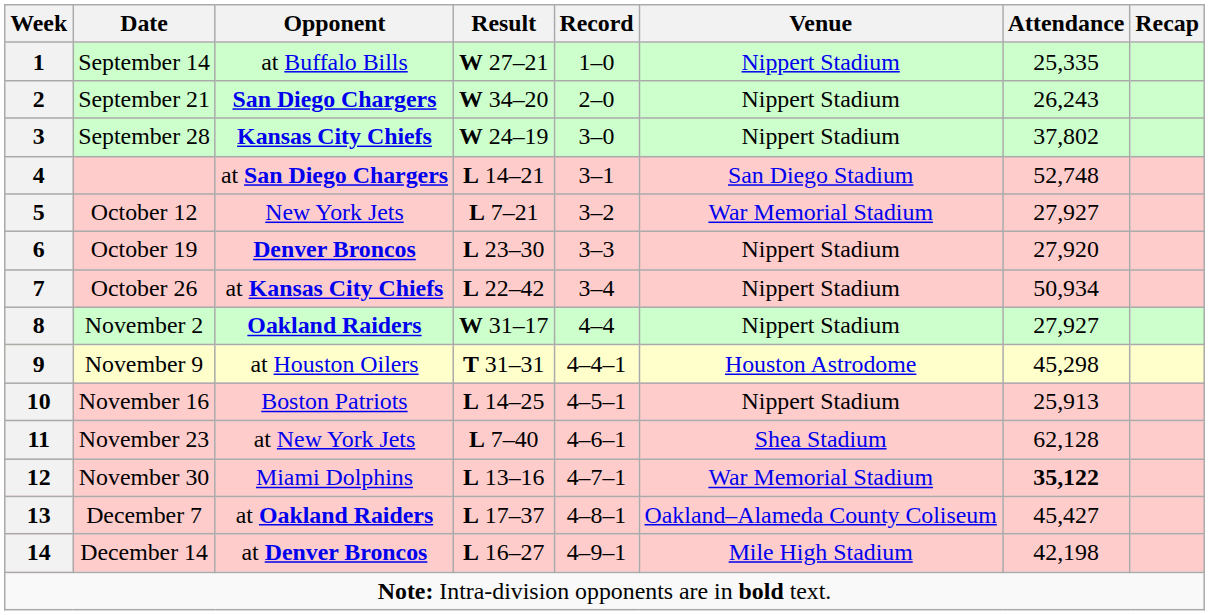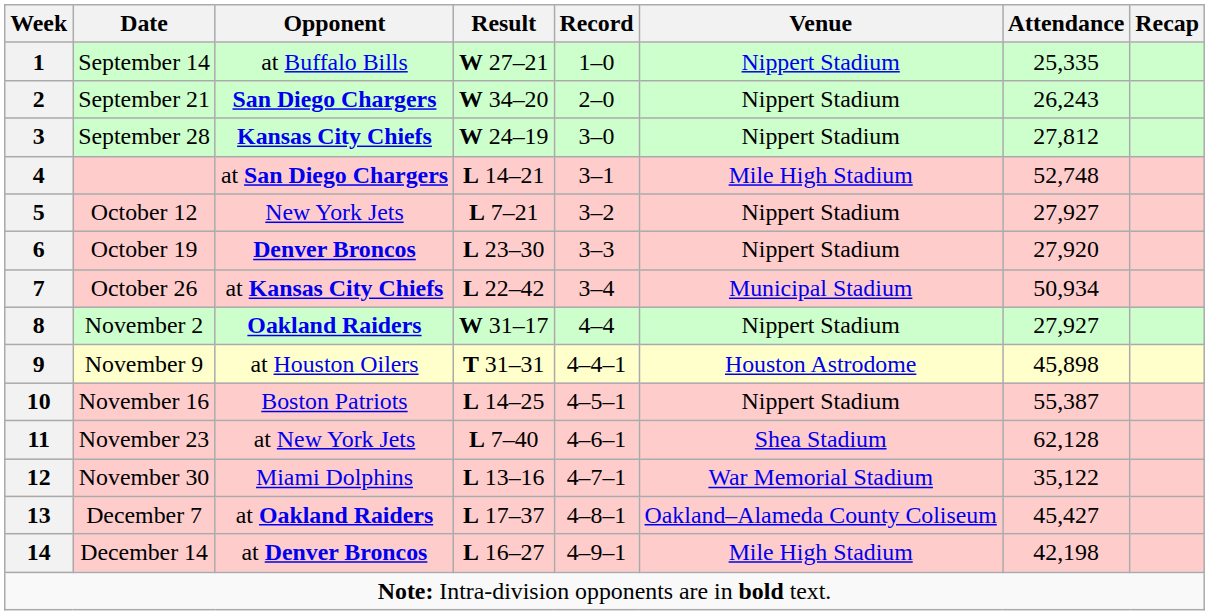 <table class="wikitable" style="text-align:center">
 <tr>
 <th>Week</th>
 <th>Date</th>
 <th>Opponent</th>
 <th>Result</th>
 <th>Record</th>
 <th>Venue</th>
 <th>Attendance</th>
 <th>Recap</th>
 </tr>
 <tr style="background:#cfc">
 <th>1</th>
 <td>September 14</td>
 <td>at <a href='#'>Buffalo Bills</a></td>
 <td><strong>W</strong> 27–21</td>
 <td>1–0</td>
 <td><a href='#'>Nippert Stadium</a></td>
 <td>25,335</td>
 <td></td>
 </tr>
 <tr style="background:#cfc">
 <th>2</th>
 <td>September 21</td>
 <td><strong><a href='#'>San Diego Chargers</a></strong></td>
 <td><strong>W</strong> 34–20</td>
 <td>2–0</td>
 <td>Nippert Stadium</td>
 <td>26,243</td>
 <td></td>
 </tr>
 <tr style="background:#cfc">
 <th>3</th>
 <td>September 28</td>
 <td><strong><a href='#'>Kansas City Chiefs</a></strong></td>
 <td><strong>W</strong> 24–19</td>
 <td>3–0</td>
 <td>Nippert Stadium</td>
-<td>37,802</td>
+<td>27,812</td>
 <td></td>
 </tr>
 <tr style="background:#fcc">
 <th>4</th>
 <td></td>
 <td>at <strong><a href='#'>San Diego Chargers</a></strong></td>
 <td><strong>L</strong> 14–21</td>
 <td>3–1</td>
-<td><a href='#'>San Diego Stadium</a></td>
+<td><a href='#'>Mile High Stadium</a></td>
 <td>52,748</td>
 <td></td>
 </tr>
 <tr style="background:#fcc">
 <th>5</th>
 <td>October 12</td>
 <td><a href='#'>New York Jets</a></td>
 <td><strong>L</strong> 7–21</td>
 <td>3–2</td>
-<td><a href='#'>War Memorial Stadium</a></td>
+<td>Nippert Stadium</td>
 <td>27,927</td>
 <td></td>
 </tr>
 <tr style="background:#fcc">
 <th>6</th>
 <td>October 19</td>
 <td><strong><a href='#'>Denver Broncos</a></strong></td>
 <td><strong>L</strong> 23–30</td>
 <td>3–3</td>
 <td>Nippert Stadium</td>
 <td>27,920</td>
 <td></td>
 </tr>
 <tr style="background:#fcc">
 <th>7</th>
 <td>October 26</td>
 <td>at <strong><a href='#'>Kansas City Chiefs</a></strong></td>
 <td><strong>L</strong> 22–42</td>
 <td>3–4</td>
-<td>Nippert Stadium</td>
+<td><a href='#'>Municipal Stadium</a></td>
 <td>50,934</td>
 <td></td>
 </tr>
 <tr style="background:#cfc">
 <th>8</th>
 <td>November 2</td>
 <td><strong><a href='#'>Oakland Raiders</a></strong></td>
 <td><strong>W</strong> 31–17</td>
 <td>4–4</td>
 <td>Nippert Stadium</td>
 <td>27,927</td>
 <td></td>
 </tr>
 <tr style="background:#ffc">
 <th>9</th>
 <td>November 9</td>
 <td>at <a href='#'>Houston Oilers</a></td>
 <td><strong>T</strong> 31–31</td>
 <td>4–4–1</td>
 <td><a href='#'>Houston Astrodome</a></td>
-<td>45,298</td>
+<td>45,898</td>
 <td></td>
 </tr>
 <tr style="background:#fcc">
 <th>10</th>
 <td>November 16</td>
 <td><a href='#'>Boston Patriots</a></td>
 <td><strong>L</strong> 14–25</td>
 <td>4–5–1</td>
 <td>Nippert Stadium</td>
-<td>25,913</td>
+<td>55,387</td>
 <td></td>
 </tr>
 <tr style="background:#fcc">
 <th>11</th>
 <td>November 23</td>
 <td>at <a href='#'>New York Jets</a></td>
 <td><strong>L</strong> 7–40</td>
 <td>4–6–1</td>
 <td><a href='#'>Shea Stadium</a></td>
 <td>62,128</td>
 <td></td>
 </tr>
 <tr style="background:#fcc">
 <th>12</th>
 <td>November 30</td>
 <td><a href='#'>Miami Dolphins</a></td>
 <td><strong>L</strong> 13–16</td>
 <td>4–7–1</td>
 <td><a href='#'>War Memorial Stadium</a></td>
-<td><strong>35,122</strong></td>
+<td>35,122</td>
 <td></td>
 </tr>
 <tr style="background:#fcc">
 <th>13</th>
 <td>December 7</td>
 <td>at <strong><a href='#'>Oakland Raiders</a></strong></td>
 <td><strong>L</strong> 17–37</td>
 <td>4–8–1</td>
 <td><a href='#'>Oakland–Alameda County Coliseum</a></td>
 <td>45,427</td>
 <td></td>
 </tr>
 <tr style="background:#fcc">
 <th>14</th>
 <td>December 14</td>
 <td>at <strong><a href='#'>Denver Broncos</a></strong></td>
 <td><strong>L</strong> 16–27</td>
 <td>4–9–1</td>
 <td><a href='#'>Mile High Stadium</a></td>
 <td>42,198</td>
 <td></td>
 </tr>
 <tr>
 <td colspan="8"><strong>Note:</strong> Intra-division opponents are in <strong>bold</strong> text.</td>
 </tr>
 </table>
